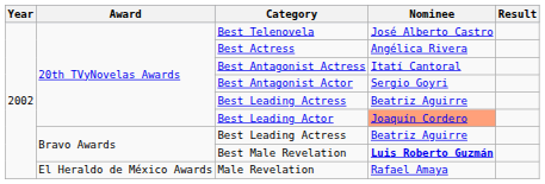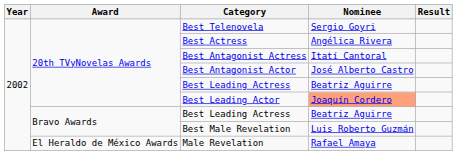 <table class="wikitable">
 <tr style="background:#b0c4de;">
 <th>Year</th>
 <th>Award</th>
 <th>Category</th>
 <th>Nominee</th>
 <th>Result</th>
 </tr>
 <tr>
 <td rowspan=9>2002</td>
 <td rowspan=6><a href='#'>20th TVyNovelas Awards</a></td>
 <td><a href='#'>Best Telenovela</a></td>
-<td><a href='#'>José Alberto Castro</a></td>
+<td><a href='#'>Sergio Goyri</a></td>
 <td></td>
 </tr>
 <tr>
 <td><a href='#'>Best Actress</a></td>
 <td><a href='#'>Angélica Rivera</a></td>
 <td></td>
 </tr>
 <tr>
 <td><a href='#'>Best Antagonist Actress</a></td>
 <td><a href='#'>Itatí Cantoral</a></td>
 <td></td>
 </tr>
 <tr>
 <td><a href='#'>Best Antagonist Actor</a></td>
-<td><a href='#'>Sergio Goyri</a></td>
+<td><a href='#'>José Alberto Castro</a></td>
 <td></td>
 </tr>
 <tr>
 <td><a href='#'>Best Leading Actress</a></td>
 <td><a href='#'>Beatriz Aguirre</a></td>
 <td></td>
 </tr>
 <tr>
 <td><a href='#'>Best Leading Actor</a></td>
 <td style="background: lightsalmon;"><a href='#'>Joaquín Cordero</a></td>
 <td></td>
 </tr>
 <tr>
 <td rowspan=2>Bravo Awards</td>
 <td>Best Leading Actress</td>
 <td><a href='#'>Beatriz Aguirre</a></td>
 <td></td>
 </tr>
 <tr>
 <td>Best Male Revelation</td>
-<td><strong><a href='#'>Luis Roberto Guzmán</a></strong></td>
+<td><a href='#'>Luis Roberto Guzmán</a></td>
 <td></td>
 </tr>
 <tr>
 <td>El Heraldo de México Awards</td>
 <td>Male Revelation</td>
 <td><a href='#'>Rafael Amaya</a></td>
 <td></td>
 </tr>
 </table>
